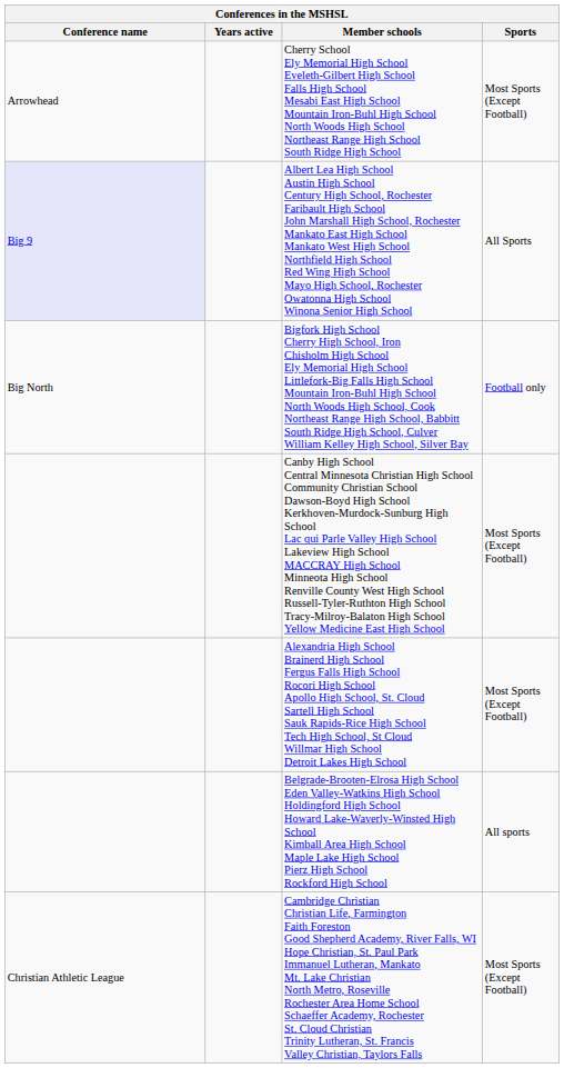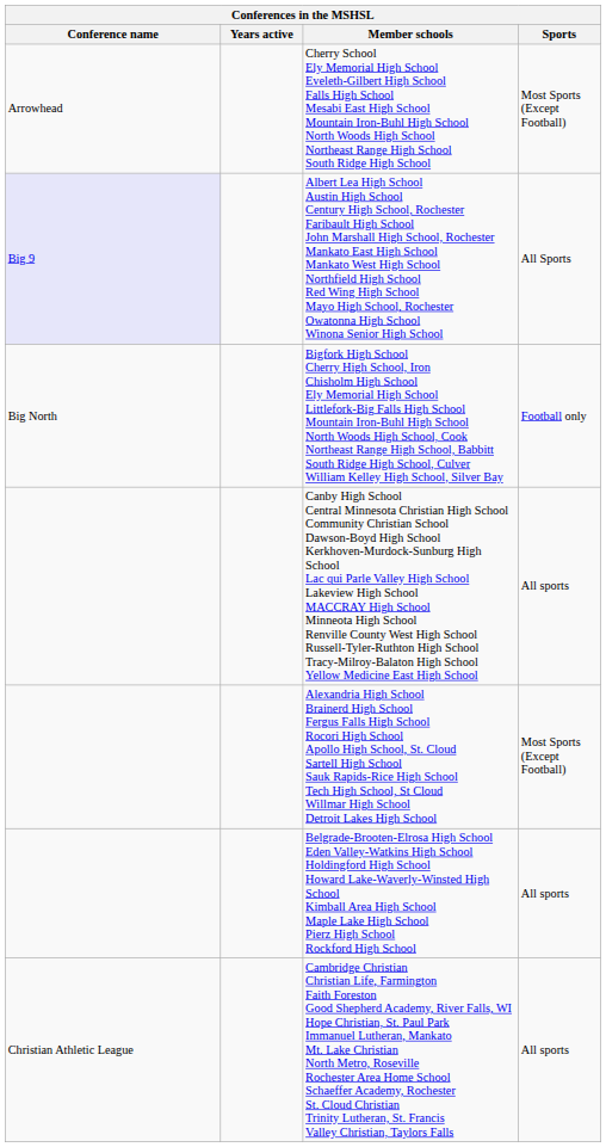 <table class="wikitable">
 <tr>
 <th colspan="4">Conferences in the MSHSL</th>
 </tr>
 <tr>
 <th width="275">Conference name</th>
 <th width="100">Years active</th>
 <th width="275">Member schools</th>
 <th width="100">Sports</th>
 </tr>
 <tr>
 <td>Arrowhead</td>
 <td></td>
 <td>Cherry School<br><a href='#'>Ely Memorial High School</a><br><a href='#'>Eveleth-Gilbert High School</a><br><a href='#'>Falls High School</a><br><a href='#'>Mesabi East High School</a><br><a href='#'>Mountain Iron-Buhl High School</a><br><a href='#'>North Woods High School</a><br><a href='#'>Northeast Range High School</a><br><a href='#'>South Ridge High School</a></td>
 <td>Most Sports (Except Football)</td>
 </tr>
 <tr>
 <td style="background: lavender;"><a href='#'>Big 9</a></td>
 <td></td>
 <td><a href='#'>Albert Lea High School</a><br><a href='#'>Austin High School</a><br><a href='#'>Century High School, Rochester</a><br><a href='#'>Faribault High School</a><br><a href='#'>John Marshall High School, Rochester</a><br><a href='#'>Mankato East High School</a><br><a href='#'>Mankato West High School</a><br><a href='#'>Northfield High School</a><br><a href='#'>Red Wing High School</a><br><a href='#'>Mayo High School, Rochester</a><br><a href='#'>Owatonna High School</a><br><a href='#'>Winona Senior High School</a></td>
 <td>All Sports</td>
 </tr>
 <tr>
 <td>Big North</td>
 <td></td>
 <td><a href='#'>Bigfork High School</a><br><a href='#'>Cherry High School, Iron</a><br><a href='#'>Chisholm High School</a><br><a href='#'>Ely Memorial High School</a><br><a href='#'>Littlefork-Big Falls High School</a><br><a href='#'>Mountain Iron-Buhl High School</a><br><a href='#'>North Woods High School, Cook</a><br><a href='#'>Northeast Range High School, Babbitt</a><br><a href='#'>South Ridge High School, Culver</a><br><a href='#'>William Kelley High School, Silver Bay</a></td>
 <td><a href='#'>Football</a> only</td>
 </tr>
 <tr>
 <td></td>
 <td></td>
 <td>Canby High School<br>Central Minnesota Christian High School<br>Community Christian School<br>Dawson-Boyd High School<br>Kerkhoven-Murdock-Sunburg High School<br><a href='#'>Lac qui Parle Valley High School</a><br>Lakeview High School<br><a href='#'>MACCRAY High School</a><br>Minneota High School<br>Renville County West High School<br>Russell-Tyler-Ruthton High School<br>Tracy-Milroy-Balaton High School<br><a href='#'>Yellow Medicine East High School</a></td>
-<td>Most Sports (Except Football)</td>
+<td>All sports</td>
 </tr>
 <tr>
 <td></td>
 <td></td>
 <td><a href='#'>Alexandria High School</a><br><a href='#'>Brainerd High School</a><br><a href='#'>Fergus Falls High School</a><br><a href='#'>Rocori High School</a><br><a href='#'>Apollo High School, St. Cloud</a><br><a href='#'>Sartell High School</a><br><a href='#'>Sauk Rapids-Rice High School</a><br><a href='#'>Tech High School, St Cloud</a><br><a href='#'>Willmar High School</a> <br><a href='#'>Detroit Lakes High School</a></td>
 <td>Most Sports (Except Football)</td>
 </tr>
 <tr>
 <td></td>
 <td></td>
 <td><a href='#'>Belgrade-Brooten-Elrosa High School</a><br><a href='#'>Eden Valley-Watkins High School</a><br><a href='#'>Holdingford High School</a><br><a href='#'>Howard Lake-Waverly-Winsted High School</a><br><a href='#'>Kimball Area High School</a><br><a href='#'>Maple Lake High School</a><br><a href='#'>Pierz High School</a><br><a href='#'>Rockford High School</a></td>
 <td>All sports</td>
 </tr>
 <tr>
 <td>Christian Athletic League</td>
 <td></td>
 <td><a href='#'>Cambridge Christian</a><br><a href='#'>Christian Life, Farmington</a><br><a href='#'>Faith Foreston</a><br><a href='#'>Good Shepherd Academy, River Falls, WI</a><br><a href='#'>Hope Christian, St. Paul Park</a><br><a href='#'>Immanuel Lutheran, Mankato</a><br><a href='#'>Mt. Lake Christian</a><br><a href='#'>North Metro, Roseville</a><br><a href='#'>Rochester Area Home School</a><br><a href='#'>Schaeffer Academy, Rochester</a><br><a href='#'>St. Cloud Christian</a><br><a href='#'>Trinity Lutheran, St. Francis</a><br><a href='#'>Valley Christian, Taylors Falls</a></td>
-<td>Most Sports (Except Football)</td>
+<td>All sports</td>
 </tr>
 </table>
